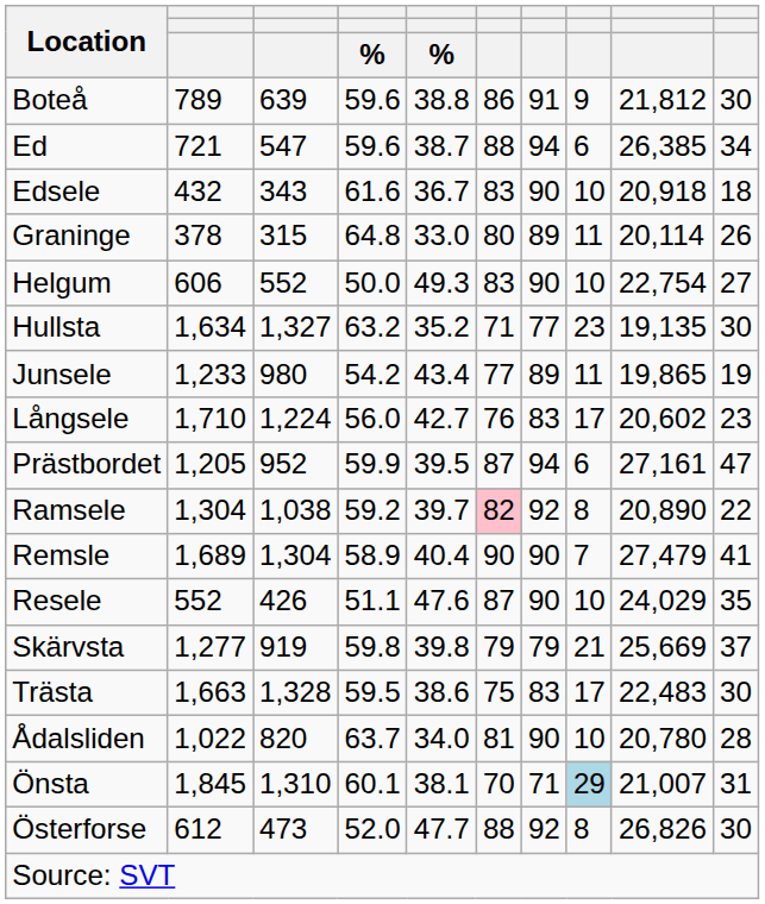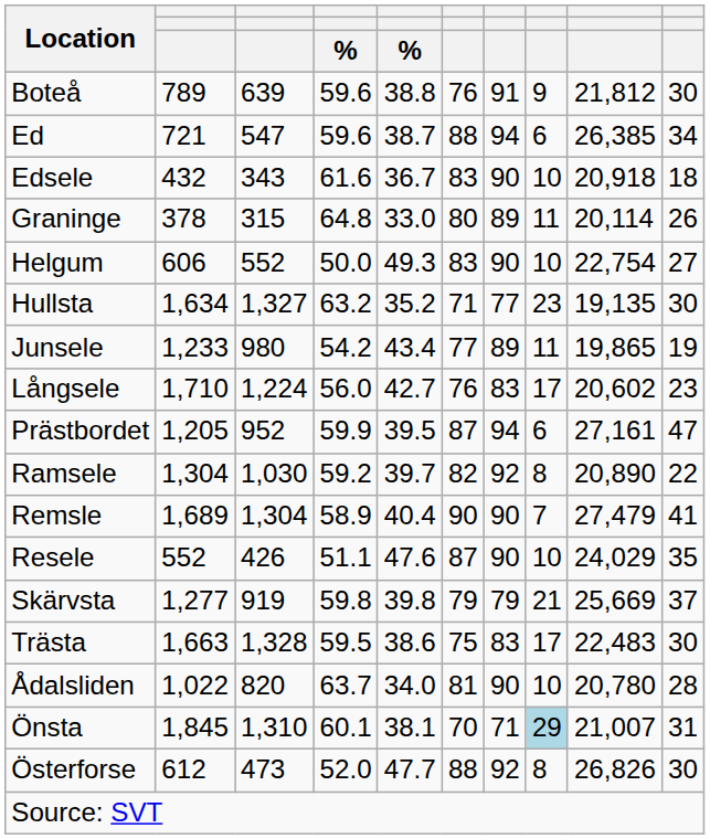 <table role="presentation" class="wikitable sortable mw-collapsible">
 <tr>
 <th rowspan="3">Location</th>
 <th></th>
 <th></th>
 <th></th>
 <th></th>
 <th></th>
 <th></th>
 <th></th>
 <th></th>
 <th></th>
 </tr>
 <tr>
 <th></th>
 <th></th>
 <th style="background:"></th>
 <th style="background:"></th>
 <th></th>
 <th></th>
 <th></th>
 <th></th>
 <th></th>
 </tr>
 <tr>
 <th data-sort-type="number"></th>
 <th data-sort-type="number"></th>
 <th data-sort-type="number">%</th>
 <th data-sort-type="number">%</th>
 <th data-sort-type="number"></th>
 <th data-sort-type="number"></th>
 <th data-sort-type="number"></th>
 <th data-sort-type="number"></th>
 <th data-sort-type="number"></th>
 </tr>
 <tr>
 <td align="left">Boteå</td>
 <td>789</td>
 <td>639</td>
 <td>59.6</td>
 <td>38.8</td>
-<td>86</td>
+<td>76</td>
 <td>91</td>
 <td>9</td>
 <td>21,812</td>
 <td>30</td>
 </tr>
 <tr>
 <td align="left">Ed</td>
 <td>721</td>
 <td>547</td>
 <td>59.6</td>
 <td>38.7</td>
 <td>88</td>
 <td>94</td>
 <td>6</td>
 <td>26,385</td>
 <td>34</td>
 </tr>
 <tr>
 <td align="left">Edsele</td>
 <td>432</td>
 <td>343</td>
 <td>61.6</td>
 <td>36.7</td>
 <td>83</td>
 <td>90</td>
 <td>10</td>
 <td>20,918</td>
 <td>18</td>
 </tr>
 <tr>
 <td align="left">Graninge</td>
 <td>378</td>
 <td>315</td>
 <td>64.8</td>
 <td>33.0</td>
 <td>80</td>
 <td>89</td>
 <td>11</td>
 <td>20,114</td>
 <td>26</td>
 </tr>
 <tr>
 <td align="left">Helgum</td>
 <td>606</td>
 <td>552</td>
 <td>50.0</td>
 <td>49.3</td>
 <td>83</td>
 <td>90</td>
 <td>10</td>
 <td>22,754</td>
 <td>27</td>
 </tr>
 <tr>
 <td align="left">Hullsta</td>
 <td>1,634</td>
 <td>1,327</td>
 <td>63.2</td>
 <td>35.2</td>
 <td>71</td>
 <td>77</td>
 <td>23</td>
 <td>19,135</td>
 <td>30</td>
 </tr>
 <tr>
 <td align="left">Junsele</td>
 <td>1,233</td>
 <td>980</td>
 <td>54.2</td>
 <td>43.4</td>
 <td>77</td>
 <td>89</td>
 <td>11</td>
 <td>19,865</td>
 <td>19</td>
 </tr>
 <tr>
 <td align="left">Långsele</td>
 <td>1,710</td>
 <td>1,224</td>
 <td>56.0</td>
 <td>42.7</td>
 <td>76</td>
 <td>83</td>
 <td>17</td>
 <td>20,602</td>
 <td>23</td>
 </tr>
 <tr>
 <td align="left">Prästbordet</td>
 <td>1,205</td>
 <td>952</td>
 <td>59.9</td>
 <td>39.5</td>
 <td>87</td>
 <td>94</td>
 <td>6</td>
 <td>27,161</td>
 <td>47</td>
 </tr>
 <tr>
 <td align="left">Ramsele</td>
 <td>1,304</td>
-<td>1,038</td>
+<td>1,030</td>
 <td>59.2</td>
 <td>39.7</td>
-<td style="background: pink;">82</td>
+<td>82</td>
 <td>92</td>
 <td>8</td>
 <td>20,890</td>
 <td>22</td>
 </tr>
 <tr>
 <td align="left">Remsle</td>
 <td>1,689</td>
 <td>1,304</td>
 <td>58.9</td>
 <td>40.4</td>
 <td>90</td>
 <td>90</td>
 <td>7</td>
 <td>27,479</td>
 <td>41</td>
 </tr>
 <tr>
 <td align="left">Resele</td>
 <td>552</td>
 <td>426</td>
 <td>51.1</td>
 <td>47.6</td>
 <td>87</td>
 <td>90</td>
 <td>10</td>
 <td>24,029</td>
 <td>35</td>
 </tr>
 <tr>
 <td align="left">Skärvsta</td>
 <td>1,277</td>
 <td>919</td>
 <td>59.8</td>
 <td>39.8</td>
 <td>79</td>
 <td>79</td>
 <td>21</td>
 <td>25,669</td>
 <td>37</td>
 </tr>
 <tr>
 <td align="left">Trästa</td>
 <td>1,663</td>
 <td>1,328</td>
 <td>59.5</td>
 <td>38.6</td>
 <td>75</td>
 <td>83</td>
 <td>17</td>
 <td>22,483</td>
 <td>30</td>
 </tr>
 <tr>
 <td align="left">Ådalsliden</td>
 <td>1,022</td>
 <td>820</td>
 <td>63.7</td>
 <td>34.0</td>
 <td>81</td>
 <td>90</td>
 <td>10</td>
 <td>20,780</td>
 <td>28</td>
 </tr>
 <tr>
 <td align="left">Önsta</td>
 <td>1,845</td>
 <td>1,310</td>
 <td>60.1</td>
 <td>38.1</td>
 <td>70</td>
 <td>71</td>
 <td style="background: lightblue;">29</td>
 <td>21,007</td>
 <td>31</td>
 </tr>
 <tr>
 <td align="left">Österforse</td>
 <td>612</td>
 <td>473</td>
 <td>52.0</td>
 <td>47.7</td>
 <td>88</td>
 <td>92</td>
 <td>8</td>
 <td>26,826</td>
 <td>30</td>
 </tr>
 <tr>
 <td colspan="10" align="left">Source: <a href='#'>SVT</a></td>
 </tr>
 </table>
